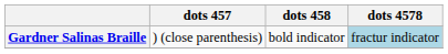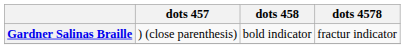 <table class="wikitable">
 <tr>
 <th></th>
 <th>dots 457</th>
 <th>dots 458</th>
 <th>dots 4578</th>
 </tr>
 <tr>
 <th align=left><a href='#'>Gardner Salinas Braille</a></th>
 <td>) (close parenthesis)</td>
 <td>bold indicator</td>
-<td style="background: lightblue;">fractur indicator</td>
+<td>fractur indicator</td>
 </tr>
 <tr>
 </tr>
 <tr>
 </tr>
 </table>
